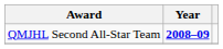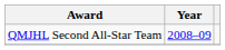 <table class="wikitable">
 <tr>
 <th>Award</th>
 <th>Year</th>
 <th></th>
 </tr>
 <tr>
 <td><a href='#'>QMJHL</a> Second All-Star Team</td>
-<td><strong><a href='#'>2008–09</a></strong></td>
+<td><a href='#'>2008–09</a></td>
 <td></td>
 </tr>
 <tr>
 </tr>
 </table>
